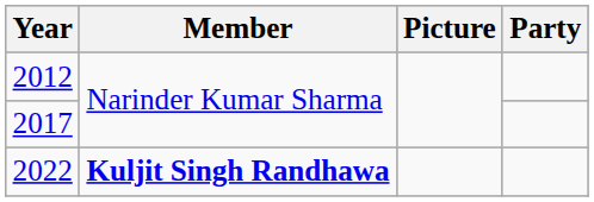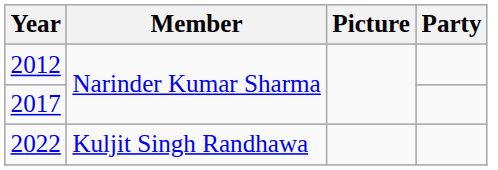 <table class="wikitable sortable">
 <tr>
 <th>Year</th>
 <th>Member</th>
 <th>Picture</th>
 <th colspan="2">Party</th>
 </tr>
 <tr>
 <td><a href='#'>2012</a></td>
 <td rowspan="2"><a href='#'>Narinder Kumar Sharma</a></td>
 <td rowspan="2"></td>
 <td></td>
 </tr>
 <tr>
 <td><a href='#'>2017</a></td>
 </tr>
 <tr>
 <td><a href='#'>2022</a></td>
-<td><strong><a href='#'>Kuljit Singh Randhawa</a></strong></td>
+<td><a href='#'>Kuljit Singh Randhawa</a></td>
 <td></td>
 <td></td>
 </tr>
 </table>
